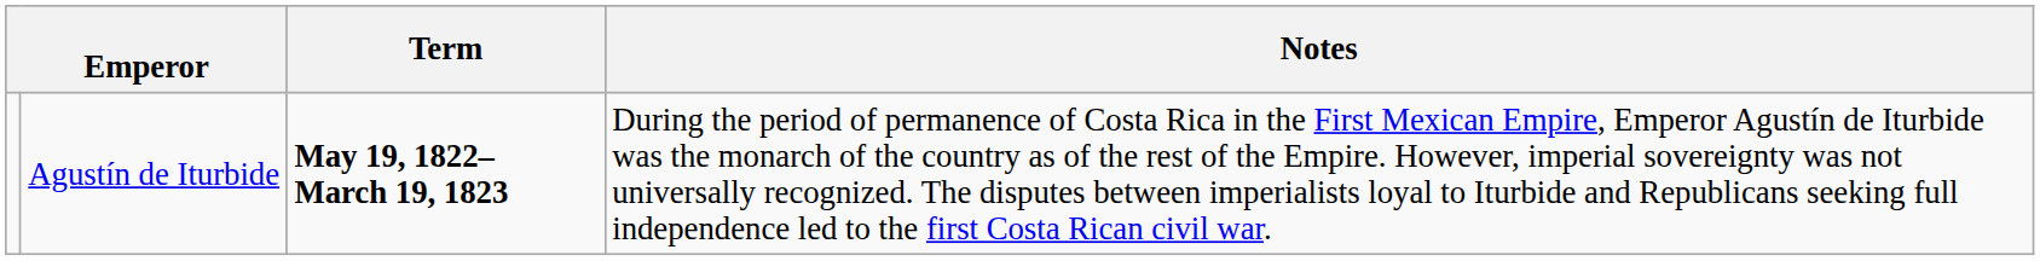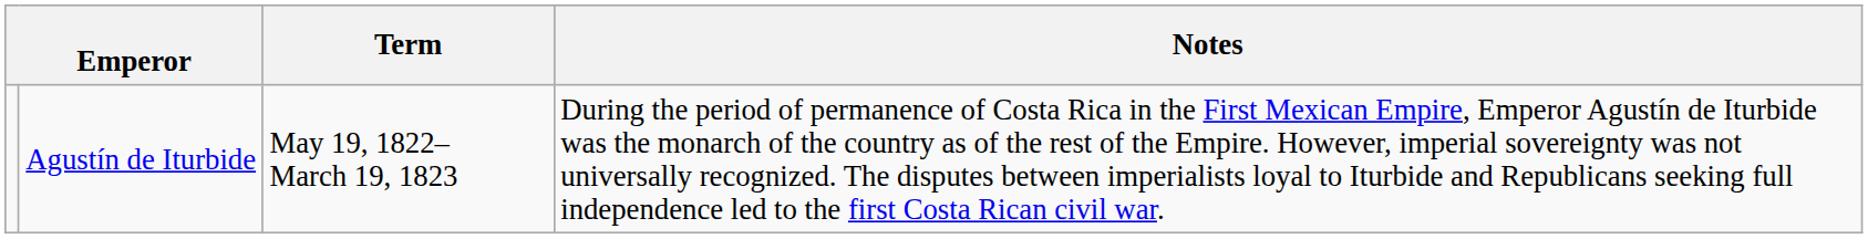 <table class=wikitable>
 <tr>
 <th Colspan=2><br> Emperor</th>
 <th width=150px>Term</th>
 <th width=700px>Notes</th>
 </tr>
 <tr>
 <td></td>
 <td><a href='#'>Agustín de Iturbide</a></td>
-<td><strong>May 19, 1822–<br> March 19, 1823</strong></td>
+<td>May 19, 1822–<br> March 19, 1823</td>
 <td>During the period of permanence of Costa Rica in the <a href='#'>First Mexican Empire</a>, Emperor Agustín de Iturbide was the monarch of the country as of the rest of the Empire. However, imperial sovereignty was not universally recognized. The disputes between imperialists loyal to Iturbide and Republicans seeking full independence led to the <a href='#'>first Costa Rican civil war</a>.</td>
 </tr>
 </table>
